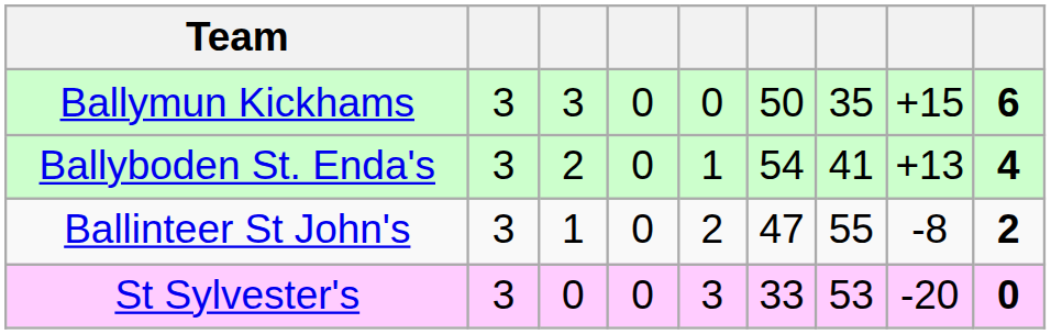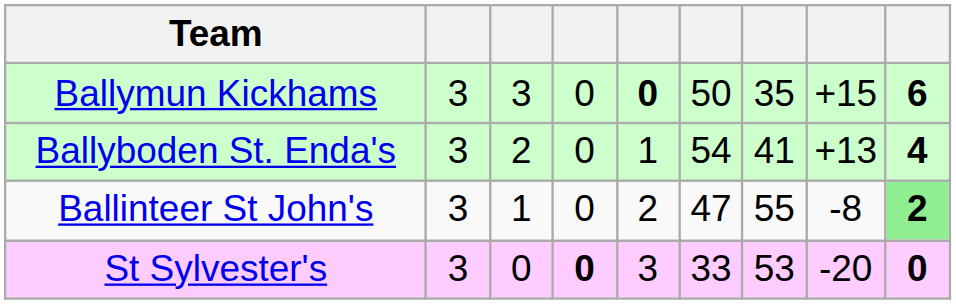 <table class="wikitable" style="text-align:center">
 <tr>
 <th style="width:175px;">Team</th>
 <th width="20"></th>
 <th width="20"></th>
 <th width="20"></th>
 <th width="20"></th>
 <th width="20"></th>
 <th width="20"></th>
 <th width="20"></th>
 <th width="20"></th>
 </tr>
 <tr style="background:#cfc;">
 <td><a href='#'>Ballymun Kickhams</a></td>
 <td>3</td>
 <td>3</td>
 <td>0</td>
-<td>0</td>
+<td><strong>0</strong></td>
 <td>50</td>
 <td>35</td>
 <td>+15</td>
 <td><strong>6</strong></td>
 </tr>
 <tr style="background:#cfc;">
 <td><a href='#'>Ballyboden St. Enda's</a></td>
 <td>3</td>
 <td>2</td>
 <td>0</td>
 <td>1</td>
 <td>54</td>
 <td>41</td>
 <td>+13</td>
 <td><strong>4</strong></td>
 </tr>
 <tr>
 <td><a href='#'>Ballinteer St John's</a></td>
 <td>3</td>
 <td>1</td>
 <td>0</td>
 <td>2</td>
 <td>47</td>
 <td>55</td>
 <td>-8</td>
-<td><strong>2</strong></td>
+<td style="background: lightgreen;"><strong>2</strong></td>
 </tr>
 <tr style="background:#fcf;">
 <td><a href='#'>St Sylvester's</a></td>
 <td>3</td>
 <td>0</td>
-<td>0</td>
+<td><strong>0</strong></td>
 <td>3</td>
 <td>33</td>
 <td>53</td>
 <td>-20</td>
 <td><strong>0</strong></td>
 </tr>
 </table>
